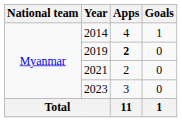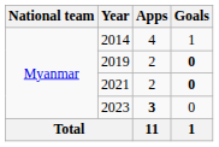 <table class=wikitable style=text-align:center>
 <tr>
 <th>National team</th>
 <th>Year</th>
 <th>Apps</th>
 <th>Goals</th>
 </tr>
 <tr>
 <td rowspan=4><a href='#'>Myanmar</a></td>
 <td>2014</td>
 <td>4</td>
 <td>1</td>
 </tr>
 <tr>
 <td>2019</td>
-<td><strong>2</strong></td>
-<td>0</td>
+<td>2</td>
+<td><strong>0</strong></td>
 </tr>
 <tr>
 <td>2021</td>
 <td>2</td>
-<td>0</td>
+<td><strong>0</strong></td>
 </tr>
 <tr>
 <td>2023</td>
-<td>3</td>
+<td><strong>3</strong></td>
 <td>0</td>
 </tr>
 <tr>
 <th colspan=2>Total</th>
 <th>11</th>
 <th>1</th>
 </tr>
 </table>
